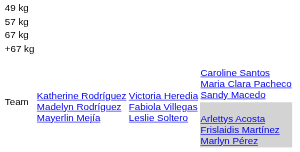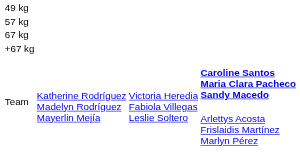 <table>
 <tr>
 <td rowspan=2>49 kg<br></td>
 <td rowspan=2></td>
 <td rowspan=2></td>
 <td></td>
 </tr>
 <tr>
 <td></td>
 </tr>
 <tr>
 <td rowspan=2>57 kg<br></td>
 <td rowspan=2></td>
 <td rowspan=2></td>
 <td></td>
 </tr>
 <tr>
 <td></td>
 </tr>
 <tr>
 <td rowspan=2>67 kg<br></td>
 <td rowspan=2></td>
 <td rowspan=2></td>
 <td></td>
 </tr>
 <tr>
 <td></td>
 </tr>
 <tr>
 <td rowspan=2>+67 kg<br></td>
 <td rowspan=2></td>
 <td rowspan=2></td>
 <td></td>
 </tr>
 <tr>
 <td></td>
 </tr>
 <tr>
 <td rowspan=2>Team<br></td>
 <td rowspan=2><br><a href='#'>Katherine Rodríguez</a><br><a href='#'>Madelyn Rodríguez</a><br><a href='#'>Mayerlin Mejía</a></td>
 <td rowspan=2><br><a href='#'>Victoria Heredia</a><br><a href='#'>Fabiola Villegas</a><br><a href='#'>Leslie Soltero</a></td>
-<td><br><a href='#'>Caroline Santos</a><br><a href='#'>Maria Clara Pacheco</a><br><a href='#'>Sandy Macedo</a></td>
+<td><strong><br><a href='#'>Caroline Santos</a><br><a href='#'>Maria Clara Pacheco</a><br><a href='#'>Sandy Macedo</a></strong></td>
 </tr>
 <tr>
-<td style="background: lightgrey;"><br><a href='#'>Arlettys Acosta</a><br><a href='#'>Frislaidis Martínez</a><br><a href='#'>Marlyn Pérez</a></td>
+<td><br><a href='#'>Arlettys Acosta</a><br><a href='#'>Frislaidis Martínez</a><br><a href='#'>Marlyn Pérez</a></td>
 </tr>
 </table>
